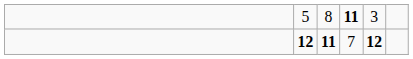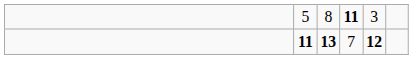 <table class="wikitable">
 <tr>
 <td style="width:18em"></td>
 <td align=center style="width:1em">5</td>
 <td align=center style="width:1em">8</td>
 <td align=center style="width:1em"><strong>11</strong></td>
 <td align=center style="width:1em">3</td>
 <td align=center style="width:1em"></td>
 </tr>
 <tr>
 <td style="width:18em"></td>
-<td align=center style="width:1em"><strong>12</strong></td>
 <td align=center style="width:1em"><strong>11</strong></td>
+<td align=center style="width:1em"><strong>13</strong></td>
 <td align=center style="width:1em">7</td>
 <td align=center style="width:1em"><strong>12</strong></td>
 <td align=center style="width:1em"></td>
 </tr>
 </table>
